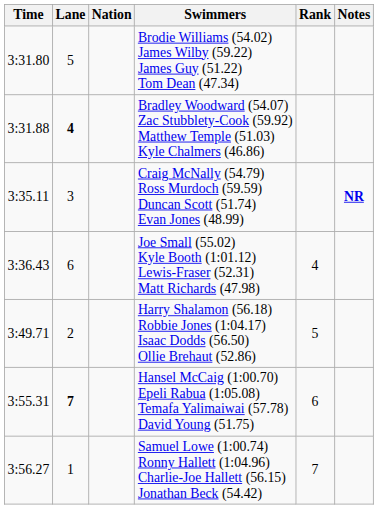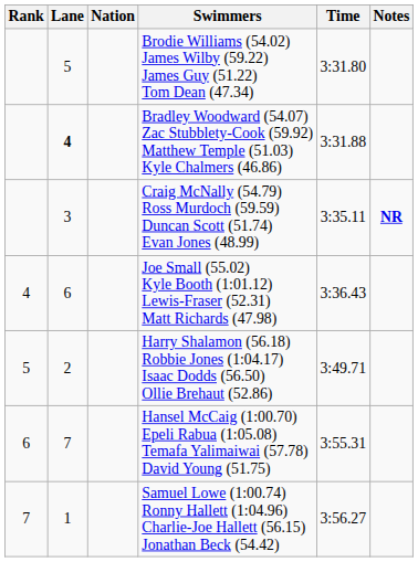 <table class="wikitable sortable" style="text-align:center">
 <tr>
-<th>Time</th>
+<th>Rank</th>
 <th>Lane</th>
 <th>Nation</th>
 <th>Swimmers</th>
-<th>Rank</th>
+<th>Time</th>
 <th>Notes</th>
 </tr>
 <tr>
-<td>3:31.80</td>
+<td></td>
 <td>5</td>
 <td align=left></td>
 <td align="left"><a href='#'>Brodie Williams</a> (54.02)<br><a href='#'>James Wilby</a> (59.22)<br><a href='#'>James Guy</a> (51.22)<br><a href='#'>Tom Dean</a> (47.34)</td>
-<td></td>
+<td>3:31.80</td>
 <td></td>
 </tr>
 <tr>
-<td>3:31.88</td>
+<td></td>
 <td><strong>4</strong></td>
 <td align=left></td>
 <td align="left"><a href='#'>Bradley Woodward</a> (54.07)<br><a href='#'>Zac Stubblety-Cook</a> (59.92)<br><a href='#'>Matthew Temple</a> (51.03)<br><a href='#'>Kyle Chalmers</a> (46.86)</td>
-<td></td>
+<td>3:31.88</td>
 <td></td>
 </tr>
 <tr>
-<td>3:35.11</td>
+<td></td>
 <td>3</td>
 <td align=left></td>
 <td align="left"><a href='#'>Craig McNally</a> (54.79)<br><a href='#'>Ross Murdoch</a> (59.59)<br><a href='#'>Duncan Scott</a> (51.74)<br><a href='#'>Evan Jones</a> (48.99)</td>
-<td></td>
+<td>3:35.11</td>
 <td><strong><a href='#'>NR</a></strong></td>
 </tr>
 <tr>
-<td>3:36.43</td>
+<td>4</td>
 <td>6</td>
 <td align=left></td>
 <td align="left"><a href='#'>Joe Small</a> (55.02)<br><a href='#'>Kyle Booth</a> (1:01.12)<br><a href='#'>Lewis-Fraser</a> (52.31)<br><a href='#'>Matt Richards</a> (47.98)</td>
-<td>4</td>
+<td>3:36.43</td>
 <td></td>
 </tr>
 <tr>
-<td>3:49.71</td>
+<td>5</td>
 <td>2</td>
 <td align=left></td>
 <td align="left"><a href='#'>Harry Shalamon</a> (56.18)<br><a href='#'>Robbie Jones</a> (1:04.17)<br><a href='#'>Isaac Dodds</a> (56.50)<br><a href='#'>Ollie Brehaut</a> (52.86)</td>
-<td>5</td>
+<td>3:49.71</td>
 <td></td>
 </tr>
 <tr>
-<td>3:55.31</td>
-<td><strong>7</strong></td>
+<td>6</td>
+<td>7</td>
 <td align=left></td>
 <td align="left"><a href='#'>Hansel McCaig</a> (1:00.70)<br><a href='#'>Epeli Rabua</a> (1:05.08)<br><a href='#'>Temafa Yalimaiwai</a> (57.78)<br><a href='#'>David Young</a> (51.75)</td>
-<td>6</td>
+<td>3:55.31</td>
 <td></td>
 </tr>
 <tr>
-<td>3:56.27</td>
+<td>7</td>
 <td>1</td>
 <td align=left></td>
 <td align="left"><a href='#'>Samuel Lowe</a> (1:00.74)<br><a href='#'>Ronny Hallett</a> (1:04.96)<br><a href='#'>Charlie-Joe Hallett</a> (56.15)<br><a href='#'>Jonathan Beck</a> (54.42)</td>
-<td>7</td>
+<td>3:56.27</td>
 <td></td>
 </tr>
 </table>
